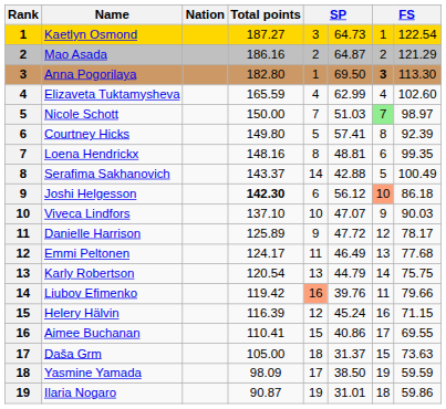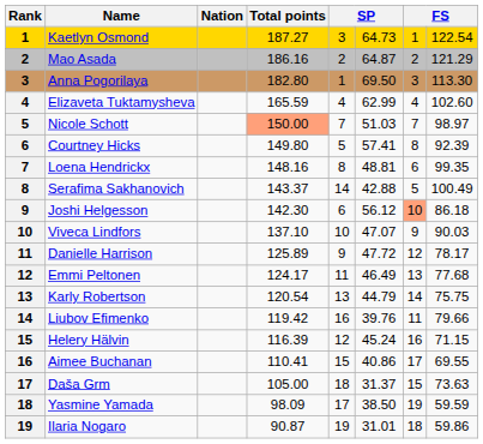 <table class="wikitable sortable">
 <tr>
 <th>Rank</th>
 <th>Name</th>
 <th>Nation</th>
 <th>Total points</th>
 <th colspan="2" width="80px"><a href='#'>SP</a></th>
 <th colspan="2" width="80px"><a href='#'>FS</a></th>
 </tr>
 <tr bgcolor="gold">
 <td align="center"><strong>1</strong></td>
 <td><a href='#'>Kaetlyn Osmond</a></td>
 <td></td>
 <td align="center">187.27</td>
 <td align="center">3</td>
 <td align="center">64.73</td>
 <td align="center">1</td>
 <td align="center">122.54</td>
 </tr>
 <tr bgcolor="silver">
 <td align="center"><strong>2</strong></td>
 <td><a href='#'>Mao Asada</a></td>
 <td></td>
 <td align="center">186.16</td>
 <td align="center">2</td>
 <td align="center">64.87</td>
 <td align="center">2</td>
 <td align="center">121.29</td>
 </tr>
 <tr bgcolor="cc9966">
 <td align="center"><strong>3</strong></td>
 <td><a href='#'>Anna Pogorilaya</a></td>
 <td></td>
 <td align="center">182.80</td>
 <td align="center">1</td>
 <td align="center">69.50</td>
-<td align="center"><strong>3</strong></td>
+<td align="center">3</td>
 <td align="center">113.30</td>
 </tr>
 <tr>
 <th>4</th>
 <td><a href='#'>Elizaveta Tuktamysheva</a></td>
 <td></td>
 <td align="center">165.59</td>
 <td align="center">4</td>
 <td align="center">62.99</td>
 <td align="center">4</td>
 <td align="center">102.60</td>
 </tr>
 <tr>
 <th>5</th>
 <td><a href='#'>Nicole Schott</a></td>
 <td></td>
-<td align="center">150.00</td>
+<td align="center" style="background: lightsalmon;">150.00</td>
 <td align="center">7</td>
 <td align="center">51.03</td>
-<td align="center" style="background: lightgreen;">7</td>
+<td align="center">7</td>
 <td align="center">98.97</td>
 </tr>
 <tr>
 <th>6</th>
 <td><a href='#'>Courtney Hicks</a></td>
 <td></td>
 <td align="center">149.80</td>
 <td align="center">5</td>
 <td align="center">57.41</td>
 <td align="center">8</td>
 <td align="center">92.39</td>
 </tr>
 <tr>
 <th>7</th>
 <td><a href='#'>Loena Hendrickx</a></td>
 <td></td>
 <td align="center">148.16</td>
 <td align="center">8</td>
 <td align="center">48.81</td>
 <td align="center">6</td>
 <td align="center">99.35</td>
 </tr>
 <tr>
 <th>8</th>
 <td><a href='#'>Serafima Sakhanovich</a></td>
 <td></td>
 <td align="center">143.37</td>
 <td align="center">14</td>
 <td align="center">42.88</td>
 <td align="center">5</td>
 <td align="center">100.49</td>
 </tr>
 <tr>
 <th>9</th>
 <td><a href='#'>Joshi Helgesson</a></td>
 <td></td>
-<td align="center"><strong>142.30</strong></td>
+<td align="center">142.30</td>
 <td align="center">6</td>
 <td align="center">56.12</td>
 <td align="center" style="background: lightsalmon;">10</td>
 <td align="center">86.18</td>
 </tr>
 <tr>
 <th>10</th>
 <td><a href='#'>Viveca Lindfors</a></td>
 <td></td>
 <td align="center">137.10</td>
 <td align="center">10</td>
 <td align="center">47.07</td>
 <td align="center">9</td>
 <td align="center">90.03</td>
 </tr>
 <tr>
 <th>11</th>
 <td><a href='#'>Danielle Harrison</a></td>
 <td></td>
 <td align="center">125.89</td>
 <td align="center">9</td>
 <td align="center">47.72</td>
 <td align="center">12</td>
 <td align="center">78.17</td>
 </tr>
 <tr>
 <th>12</th>
 <td><a href='#'>Emmi Peltonen</a></td>
 <td></td>
 <td align="center">124.17</td>
 <td align="center">11</td>
 <td align="center">46.49</td>
 <td align="center">13</td>
 <td align="center">77.68</td>
 </tr>
 <tr>
 <th>13</th>
 <td><a href='#'>Karly Robertson</a></td>
 <td></td>
 <td align="center">120.54</td>
 <td align="center">13</td>
 <td align="center">44.79</td>
 <td align="center">14</td>
 <td align="center">75.75</td>
 </tr>
 <tr>
 <th>14</th>
 <td><a href='#'>Liubov Efimenko</a></td>
 <td></td>
 <td align="center">119.42</td>
-<td align="center" style="background: lightsalmon;">16</td>
+<td align="center">16</td>
 <td align="center">39.76</td>
 <td align="center">11</td>
 <td align="center">79.66</td>
 </tr>
 <tr>
 <th>15</th>
 <td><a href='#'>Helery Hälvin</a></td>
 <td></td>
 <td align="center">116.39</td>
 <td align="center">12</td>
 <td align="center">45.24</td>
 <td align="center">16</td>
 <td align="center">71.15</td>
 </tr>
 <tr>
 <th>16</th>
 <td><a href='#'>Aimee Buchanan</a></td>
 <td></td>
 <td align="center">110.41</td>
 <td align="center">15</td>
 <td align="center">40.86</td>
 <td align="center">17</td>
 <td align="center">69.55</td>
 </tr>
 <tr>
 <th>17</th>
 <td><a href='#'>Daša Grm</a></td>
 <td></td>
 <td align="center">105.00</td>
 <td align="center">18</td>
 <td align="center">31.37</td>
 <td align="center">15</td>
 <td align="center">73.63</td>
 </tr>
 <tr>
 <th>18</th>
 <td><a href='#'>Yasmine Yamada</a></td>
 <td></td>
 <td align="center">98.09</td>
 <td align="center">17</td>
 <td align="center">38.50</td>
 <td align="center">19</td>
 <td align="center">59.59</td>
 </tr>
 <tr>
 <th>19</th>
 <td><a href='#'>Ilaria Nogaro</a></td>
 <td></td>
 <td align="center">90.87</td>
 <td align="center">19</td>
 <td align="center">31.01</td>
 <td align="center">18</td>
 <td align="center">59.86</td>
 </tr>
 </table>
